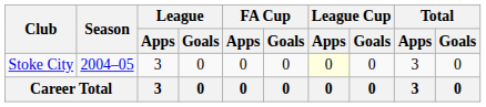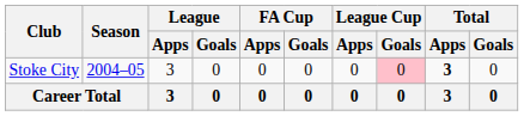 <table class="wikitable" style="text-align: center;">
 <tr>
 <th rowspan="2">Club</th>
 <th rowspan="2">Season</th>
 <th colspan="2">League</th>
 <th colspan="2">FA Cup</th>
 <th colspan="2">League Cup</th>
 <th colspan="2">Total</th>
 </tr>
 <tr>
 <th>Apps</th>
 <th>Goals</th>
 <th>Apps</th>
 <th>Goals</th>
 <th>Apps</th>
 <th>Goals</th>
 <th>Apps</th>
 <th>Goals</th>
 </tr>
 <tr>
 <td><a href='#'>Stoke City</a></td>
 <td><a href='#'>2004–05</a></td>
 <td>3</td>
 <td>0</td>
 <td>0</td>
 <td>0</td>
-<td style="background: lightyellow;">0</td>
 <td>0</td>
-<td>3</td>
+<td style="background: pink;">0</td>
+<td><strong>3</strong></td>
 <td>0</td>
 </tr>
 <tr>
 <th colspan="2">Career Total</th>
 <th>3</th>
 <th>0</th>
 <th>0</th>
 <th>0</th>
 <th>0</th>
 <th>0</th>
 <th>3</th>
 <th>0</th>
 </tr>
 </table>
